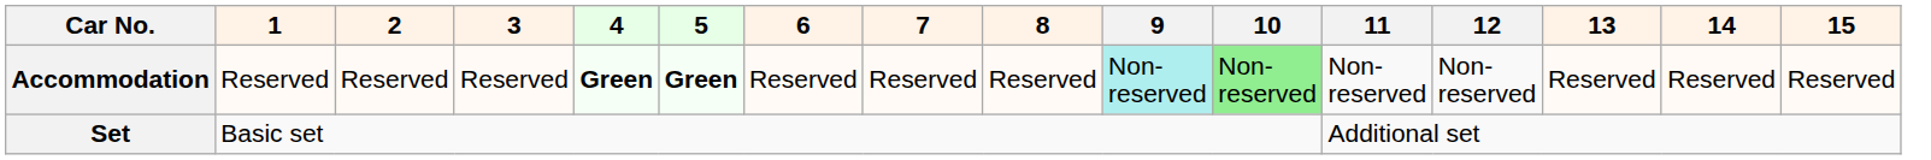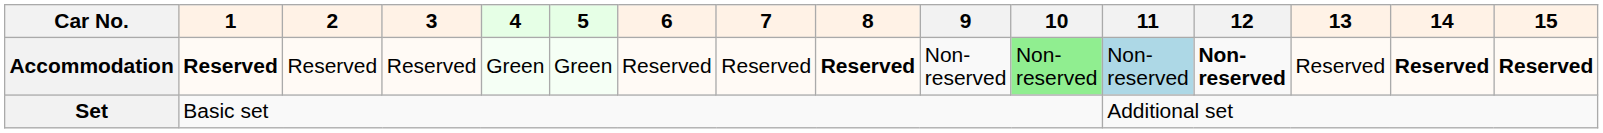 <table class="wikitable">
 <tr>
 <th>Car No.</th>
 <th style="background: #FFF2E6">1</th>
 <th style="background: #FFF2E6">2</th>
 <th style="background: #FFF2E6">3</th>
 <th style="background: #E6FFE6">4</th>
 <th style="background: #E6FFE6">5</th>
 <th style="background: #FFF2E6">6</th>
 <th style="background: #FFF2E6">7</th>
 <th style="background: #FFF2E6">8</th>
 <th>9</th>
 <th>10</th>
 <th>11</th>
 <th>12</th>
 <th style="background: #FFF2E6">13</th>
 <th style="background: #FFF2E6">14</th>
 <th style="background: #FFF2E6">15</th>
 </tr>
 <tr>
 <th>Accommodation</th>
+<td style="background: #FFFAF5"><strong>Reserved</strong></td>
 <td style="background: #FFFAF5">Reserved</td>
 <td style="background: #FFFAF5">Reserved</td>
-<td style="background: #FFFAF5">Reserved</td>
-<td style="background: #F5FFF5"><strong>Green</strong></td>
-<td style="background: #F5FFF5"><strong>Green</strong></td>
+<td style="background: #F5FFF5">Green</td>
+<td style="background: #F5FFF5">Green</td>
 <td style="background: #FFFAF5">Reserved</td>
 <td style="background: #FFFAF5">Reserved</td>
+<td style="background: #FFFAF5"><strong>Reserved</strong></td>
+<td>Non-reserved</td>
+<td style="background: lightgreen;">Non-reserved</td>
+<td style="background: lightblue;">Non-reserved</td>
+<td><strong>Non-reserved</strong></td>
 <td style="background: #FFFAF5">Reserved</td>
-<td style="background: paleturquoise;">Non-reserved</td>
-<td style="background: lightgreen;">Non-reserved</td>
-<td>Non-reserved</td>
-<td>Non-reserved</td>
-<td style="background: #FFFAF5">Reserved</td>
-<td style="background: #FFFAF5">Reserved</td>
-<td style="background: #FFFAF5">Reserved</td>
+<td style="background: #FFFAF5"><strong>Reserved</strong></td>
+<td style="background: #FFFAF5"><strong>Reserved</strong></td>
 </tr>
 <tr>
 <th>Set</th>
 <td colspan="10">Basic set</td>
 <td colspan="5">Additional set</td>
 </tr>
 </table>
